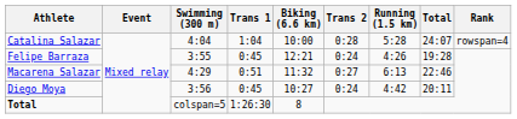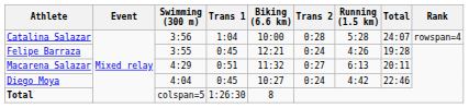 <table class=wikitable style=font-size:90%;text-align:center>
 <tr>
 <th>Athlete</th>
 <th>Event</th>
 <th>Swimming<br><span>(300 m)</span></th>
 <th>Trans 1</th>
 <th>Biking<br><span>(6.6 km)</span></th>
 <th>Trans 2</th>
 <th>Running<br><span>(1.5 km)</span></th>
 <th>Total</th>
 <th>Rank</th>
 </tr>
 <tr>
 <td align=left><a href='#'>Catalina Salazar</a></td>
 <td align=left rowspan=5><a href='#'>Mixed relay</a></td>
-<td>4:04</td>
+<td>3:56</td>
 <td>1:04</td>
 <td>10:00</td>
 <td>0:28</td>
 <td>5:28</td>
 <td>24:07</td>
 <td>rowspan=4 </td>
 </tr>
 <tr>
 <td align=left><a href='#'>Felipe Barraza</a></td>
 <td>3:55</td>
 <td>0:45</td>
 <td>12:21</td>
 <td>0:24</td>
 <td>4:26</td>
 <td>19:28</td>
 </tr>
 <tr>
 <td align=left><a href='#'>Macarena Salazar</a></td>
 <td>4:29</td>
 <td>0:51</td>
 <td>11:32</td>
 <td>0:27</td>
 <td>6:13</td>
-<td>22:46</td>
+<td>20:11</td>
 </tr>
 <tr>
 <td align=left><a href='#'>Diego Moya</a></td>
-<td>3:56</td>
+<td>4:04</td>
 <td>0:45</td>
 <td>10:27</td>
 <td>0:24</td>
 <td>4:42</td>
-<td>20:11</td>
+<td>22:46</td>
 </tr>
 <tr>
 <td align=left><strong>Total</strong></td>
 <td>colspan=5 </td>
 <td>1:26:30</td>
 <td>8</td>
 </tr>
 </table>
